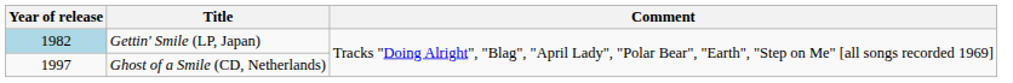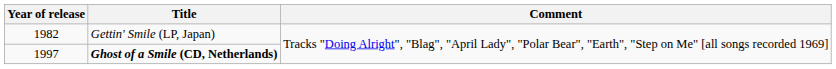 <table class="wikitable">
 <tr>
 <th align="left">Year of release</th>
 <th align="left">Title</th>
 <th align="left">Comment</th>
 </tr>
 <tr>
-<td style="background: lightblue; text-align:center;">1982</td>
+<td style="text-align:center;">1982</td>
 <td align="left"><em>Gettin' Smile</em> (LP, Japan)</td>
 <td rowspan="2" align="left">Tracks "<a href='#'>Doing Alright</a>", "Blag", "April Lady", "Polar Bear", "Earth", "Step on Me" [all songs recorded 1969]</td>
 </tr>
 <tr>
 <td style="text-align:center;">1997</td>
-<td align="left"><em>Ghost of a Smile</em> (CD, Netherlands)</td>
+<td align="left"><strong><em>Ghost of a Smile</em> (CD, Netherlands)</strong></td>
 </tr>
 </table>
